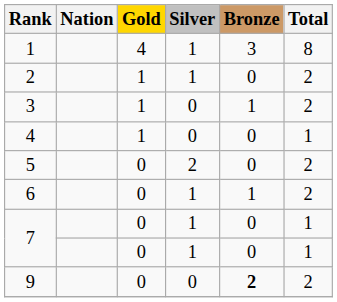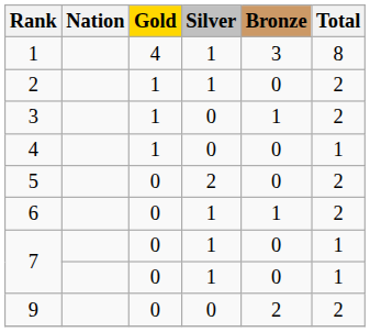 <table class="wikitable sortable" style="text-align:center">
 <tr>
 <th>Rank</th>
 <th>Nation</th>
 <th style="background-color:gold">Gold</th>
 <th style="background-color:silver">Silver</th>
 <th style="background-color:#cc9966">Bronze</th>
 <th>Total</th>
 </tr>
 <tr>
 <td>1</td>
 <td align=left></td>
 <td>4</td>
 <td>1</td>
 <td>3</td>
 <td>8</td>
 </tr>
 <tr>
 <td>2</td>
 <td align=left></td>
 <td>1</td>
 <td>1</td>
 <td>0</td>
 <td>2</td>
 </tr>
 <tr>
 <td>3</td>
 <td align=left></td>
 <td>1</td>
 <td>0</td>
 <td>1</td>
 <td>2</td>
 </tr>
 <tr>
 <td>4</td>
 <td align=left></td>
 <td>1</td>
 <td>0</td>
 <td>0</td>
 <td>1</td>
 </tr>
 <tr>
 <td>5</td>
 <td align=left></td>
 <td>0</td>
 <td>2</td>
 <td>0</td>
 <td>2</td>
 </tr>
 <tr>
 <td>6</td>
 <td align=left></td>
 <td>0</td>
 <td>1</td>
 <td>1</td>
 <td>2</td>
 </tr>
 <tr>
 <td rowspan=2>7</td>
 <td align=left></td>
 <td>0</td>
 <td>1</td>
 <td>0</td>
 <td>1</td>
 </tr>
 <tr>
 <td align=left></td>
 <td>0</td>
 <td>1</td>
 <td>0</td>
 <td>1</td>
 </tr>
 <tr>
 <td>9</td>
 <td align=left></td>
 <td>0</td>
 <td>0</td>
-<td><strong>2</strong></td>
+<td>2</td>
 <td>2</td>
 </tr>
 <tr>
 </tr>
 </table>
